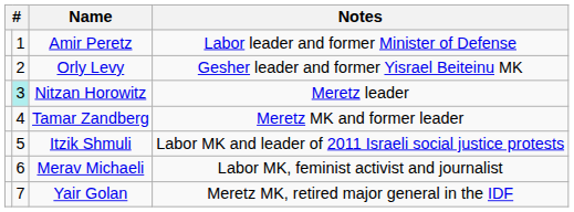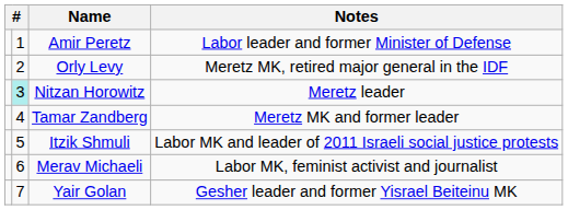 <table class="wikitable" style="text-align: center;">
 <tr>
 <th colspan="2">#</th>
 <th>Name</th>
 <th>Notes</th>
 </tr>
 <tr>
 <td style="background: "></td>
 <td>1</td>
 <td><a href='#'>Amir Peretz</a></td>
 <td><a href='#'>Labor</a> leader and former <a href='#'>Minister of Defense</a></td>
 </tr>
 <tr>
 <td style="background: "></td>
 <td>2</td>
 <td><a href='#'>Orly Levy</a></td>
-<td><a href='#'>Gesher</a> leader and former <a href='#'>Yisrael Beiteinu</a> MK</td>
+<td>Meretz MK, retired major general in the <a href='#'>IDF</a></td>
 </tr>
 <tr>
 <td style="background: "></td>
 <td style="background: paleturquoise;">3</td>
 <td><a href='#'>Nitzan Horowitz</a></td>
 <td><a href='#'>Meretz</a> leader</td>
 </tr>
 <tr>
 <td style="background: "></td>
 <td>4</td>
 <td><a href='#'>Tamar Zandberg</a></td>
 <td><a href='#'>Meretz</a> MK and former leader</td>
 </tr>
 <tr>
 <td style="background: "></td>
 <td>5</td>
 <td><a href='#'>Itzik Shmuli</a></td>
 <td>Labor MK and leader of <a href='#'>2011 Israeli social justice protests</a></td>
 </tr>
 <tr>
 <td style="background: "></td>
 <td>6</td>
 <td><a href='#'>Merav Michaeli</a></td>
 <td>Labor MK, feminist activist and journalist</td>
 </tr>
 <tr>
 <td style="background: "></td>
 <td>7</td>
 <td><a href='#'>Yair Golan</a></td>
-<td>Meretz MK, retired major general in the <a href='#'>IDF</a></td>
+<td><a href='#'>Gesher</a> leader and former <a href='#'>Yisrael Beiteinu</a> MK</td>
 </tr>
 </table>
